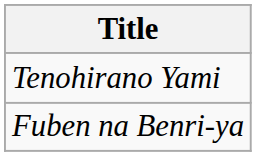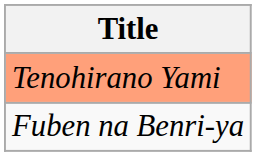 <table class="wikitable">
 <tr>
 <th>Title</th>
 </tr>
 <tr>
-<td><em>Tenohirano Yami</em></td>
+<td style="background: lightsalmon;"><em>Tenohirano Yami</em></td>
 </tr>
 <tr>
 <td><em>Fuben na Benri-ya</em></td>
 </tr>
 </table>
